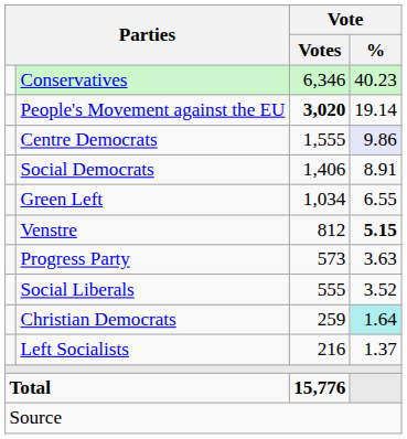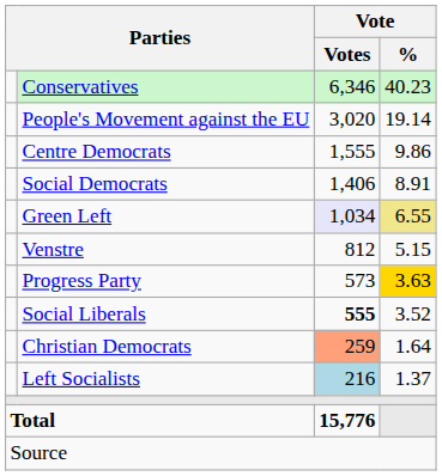 <table class="wikitable" style="text-align:right;">
 <tr>
 <th style="text-align:centre;" rowspan="2" colspan="2" width="225">Parties</th>
 <th colspan="3">Vote</th>
 </tr>
 <tr>
 <th width="15">Votes</th>
 <th width="15">%</th>
 </tr>
 <tr>
 <td width="2" style="color:inherit;background:"></td>
 <td bgcolor=#ccf7cc   align="left"><a href='#'>Conservatives</a></td>
 <td bgcolor=#ccf7cc>6,346</td>
 <td bgcolor=#ccf7cc>40.23</td>
 </tr>
 <tr>
 <td width="2" style="color:inherit;background:"></td>
 <td align="left"><a href='#'>People's Movement against the EU</a></td>
-<td><strong>3,020</strong></td>
+<td>3,020</td>
 <td>19.14</td>
 </tr>
 <tr>
 <td width="2" style="color:inherit;background:"></td>
 <td align="left"><a href='#'>Centre Democrats</a></td>
 <td>1,555</td>
-<td style="background: lavender;">9.86</td>
+<td>9.86</td>
 </tr>
 <tr>
 <td width="2" style="color:inherit;background:"></td>
 <td align="left"><a href='#'>Social Democrats</a></td>
 <td>1,406</td>
 <td>8.91</td>
 </tr>
 <tr>
 <td width="2" style="color:inherit;background:"></td>
 <td align="left"><a href='#'>Green Left</a></td>
-<td>1,034</td>
-<td>6.55</td>
+<td style="background: lavender;">1,034</td>
+<td style="background: khaki;">6.55</td>
 </tr>
 <tr>
 <td width="2" style="color:inherit;background:"></td>
 <td align="left"><a href='#'>Venstre</a></td>
 <td>812</td>
-<td><strong>5.15</strong></td>
+<td>5.15</td>
 </tr>
 <tr>
 <td width="2" style="color:inherit;background:"></td>
 <td align="left"><a href='#'>Progress Party</a></td>
 <td>573</td>
-<td>3.63</td>
+<td style="background: gold;">3.63</td>
 </tr>
 <tr>
 <td width="2" style="color:inherit;background:"></td>
 <td align="left"><a href='#'>Social Liberals</a></td>
-<td>555</td>
+<td><strong>555</strong></td>
 <td>3.52</td>
 </tr>
 <tr>
 <td width="2" style="color:inherit;background:"></td>
 <td align="left"><a href='#'>Christian Democrats</a></td>
-<td>259</td>
-<td style="background: paleturquoise;">1.64</td>
+<td style="background: lightsalmon;">259</td>
+<td>1.64</td>
 </tr>
 <tr>
 <td width="2" style="color:inherit;background:"></td>
 <td align="left"><a href='#'>Left Socialists</a></td>
-<td>216</td>
+<td style="background: lightblue;">216</td>
 <td>1.37</td>
 </tr>
 <tr>
 <td colspan="7" bgcolor="#E9E9E9"></td>
 </tr>
 <tr>
 <td align="left" colspan="2"><strong>Total</strong></td>
 <td><strong>15,776</strong></td>
 <td bgcolor="#E9E9E9" colspan="2"></td>
 </tr>
 <tr>
 <td align="left" colspan="6">Source</td>
 </tr>
 </table>
